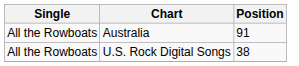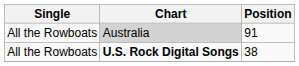 <table class="wikitable sortable">
 <tr>
 <th>Single</th>
 <th>Chart</th>
 <th>Position</th>
 </tr>
 <tr>
 <td>All the Rowboats</td>
-<td>Australia</td>
+<td style="background: lightgrey;">Australia</td>
 <td>91</td>
 </tr>
 <tr>
 <td>All the Rowboats</td>
-<td>U.S. Rock Digital Songs</td>
+<td><strong>U.S. Rock Digital Songs</strong></td>
 <td>38</td>
 </tr>
 <tr>
 </tr>
 </table>
